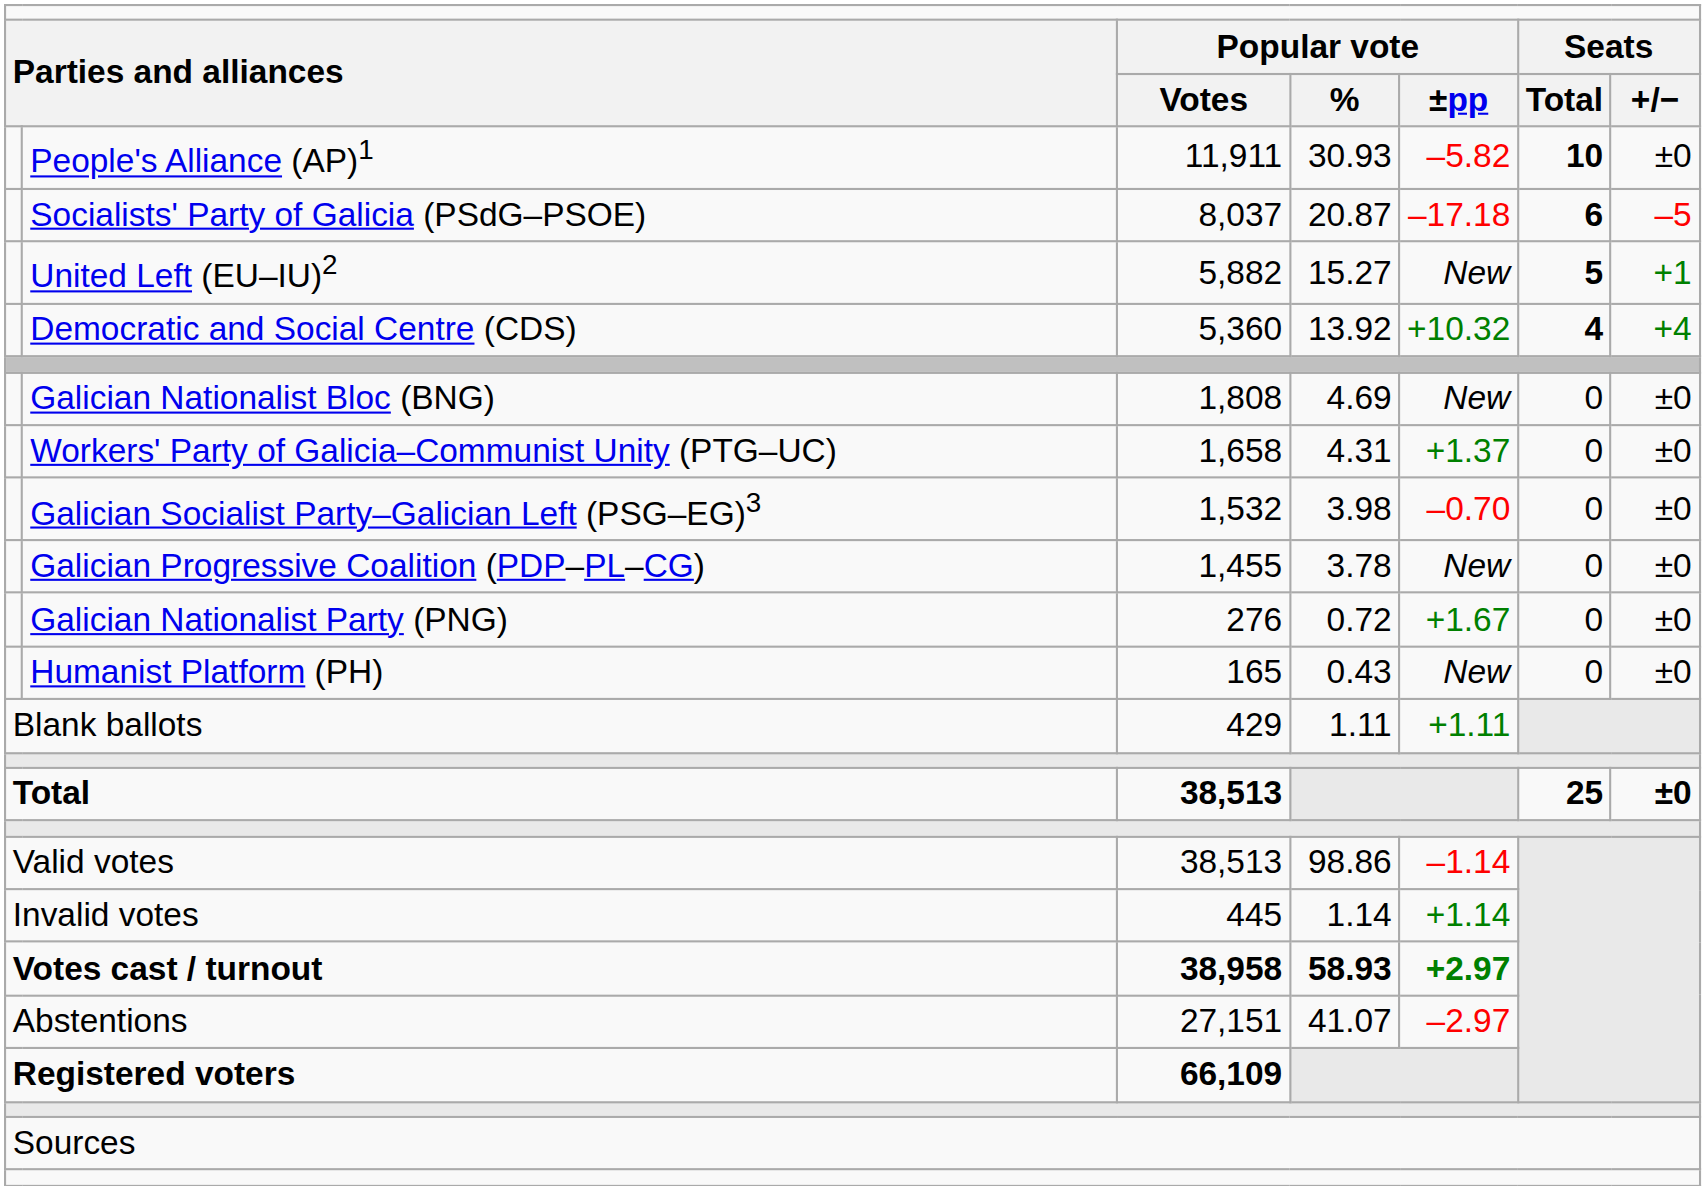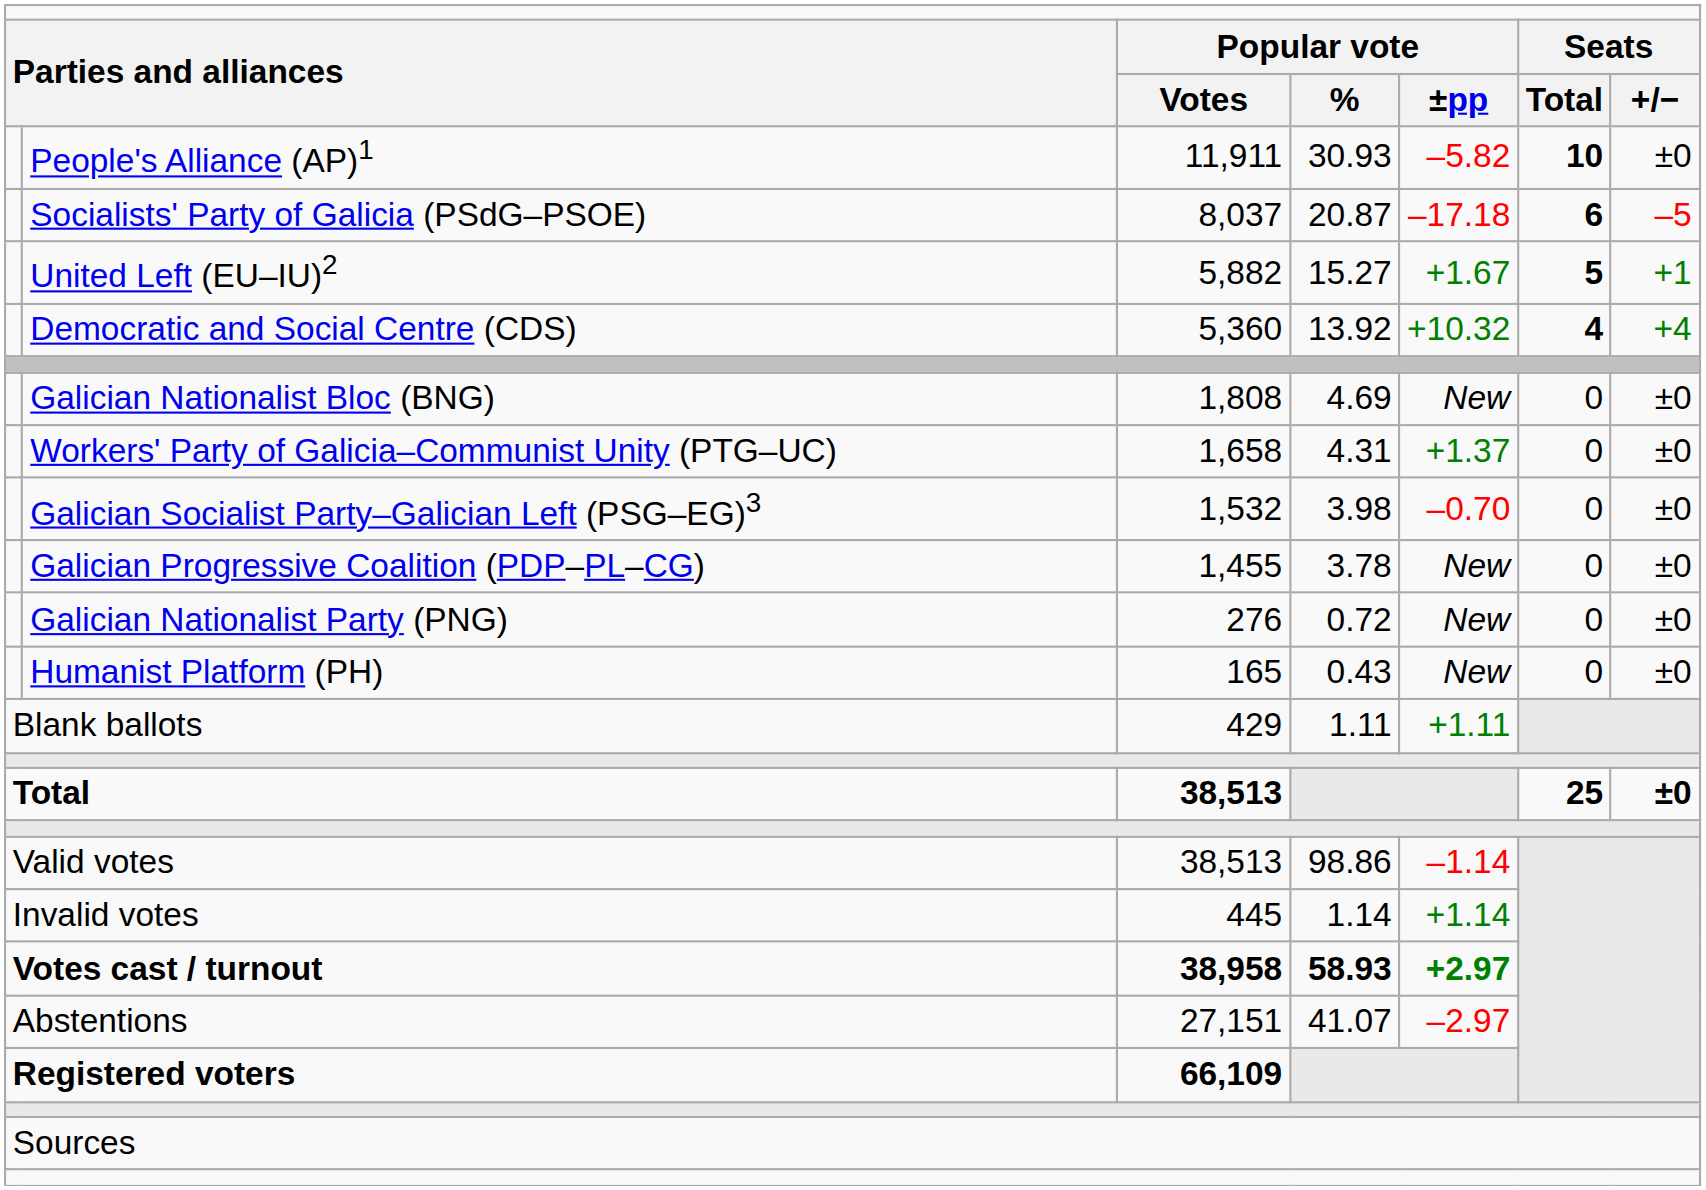 <table class="wikitable" style="text-align:right;">
 <tr>
 <td colspan="7"></td>
 </tr>
 <tr>
 <th style="text-align:left;" rowspan="2" colspan="2" width="525">Parties and alliances</th>
 <th colspan="3">Popular vote</th>
 <th colspan="2">Seats</th>
 </tr>
 <tr>
 <th width="75">Votes</th>
 <th width="45">%</th>
 <th width="45">±<a href='#'>pp</a></th>
 <th width="35">Total</th>
 <th width="35">+/−</th>
 </tr>
 <tr>
 <td width="1" style="color:inherit;background:"></td>
 <td align="left"><a href='#'>People's Alliance</a> (AP)<sup>1</sup></td>
 <td>11,911</td>
 <td>30.93</td>
 <td style="color:red;">–5.82</td>
 <td><strong>10</strong></td>
 <td>±0</td>
 </tr>
 <tr>
 <td style="color:inherit;background:"></td>
 <td align="left"><a href='#'>Socialists' Party of Galicia</a> (PSdG–PSOE)</td>
 <td>8,037</td>
 <td>20.87</td>
 <td style="color:red;">–17.18</td>
 <td><strong>6</strong></td>
 <td style="color:red;">–5</td>
 </tr>
 <tr>
 <td style="color:inherit;background:"></td>
 <td align="left"><a href='#'>United Left</a> (EU–IU)<sup>2</sup></td>
 <td>5,882</td>
 <td>15.27</td>
-<td><em>New</em></td>
+<td style="color:green;">+1.67</td>
 <td><strong>5</strong></td>
 <td style="color:green;">+1</td>
 </tr>
 <tr>
 <td style="color:inherit;background:"></td>
 <td align="left"><a href='#'>Democratic and Social Centre</a> (CDS)</td>
 <td>5,360</td>
 <td>13.92</td>
 <td style="color:green;">+10.32</td>
 <td><strong>4</strong></td>
 <td style="color:green;">+4</td>
 </tr>
 <tr>
 <td colspan="7" style="color:inherit;background:#C0C0C0"></td>
 </tr>
 <tr>
 <td style="color:inherit;background:"></td>
 <td align="left"><a href='#'>Galician Nationalist Bloc</a> (BNG)</td>
 <td>1,808</td>
 <td>4.69</td>
 <td><em>New</em></td>
 <td>0</td>
 <td>±0</td>
 </tr>
 <tr>
 <td style="color:inherit;background:"></td>
 <td align="left"><a href='#'>Workers' Party of Galicia–Communist Unity</a> (PTG–UC)</td>
 <td>1,658</td>
 <td>4.31</td>
 <td style="color:green;">+1.37</td>
 <td>0</td>
 <td>±0</td>
 </tr>
 <tr>
 <td style="color:inherit;background:"></td>
 <td align="left"><a href='#'>Galician Socialist Party–Galician Left</a> (PSG–EG)<sup>3</sup></td>
 <td>1,532</td>
 <td>3.98</td>
 <td style="color:red;">–0.70</td>
 <td>0</td>
 <td>±0</td>
 </tr>
 <tr>
 <td style="color:inherit;background:"></td>
 <td align="left"><a href='#'>Galician Progressive Coalition</a> (<a href='#'>PDP</a>–<a href='#'>PL</a>–<a href='#'>CG</a>)</td>
 <td>1,455</td>
 <td>3.78</td>
 <td><em>New</em></td>
 <td>0</td>
 <td>±0</td>
 </tr>
 <tr>
 <td style="color:inherit;background:"></td>
 <td align="left"><a href='#'>Galician Nationalist Party</a> (PNG)</td>
 <td>276</td>
 <td>0.72</td>
-<td style="color:green;">+1.67</td>
+<td><em>New</em></td>
 <td>0</td>
 <td>±0</td>
 </tr>
 <tr>
 <td style="color:inherit;background:"></td>
 <td align="left"><a href='#'>Humanist Platform</a> (PH)</td>
 <td>165</td>
 <td>0.43</td>
 <td><em>New</em></td>
 <td>0</td>
 <td>±0</td>
 </tr>
 <tr>
 <td align="left" colspan="2">Blank ballots</td>
 <td>429</td>
 <td>1.11</td>
 <td style="color:green;">+1.11</td>
 <td style="color:inherit;background:#E9E9E9" colspan="2"></td>
 </tr>
 <tr>
 <td colspan="7" style="color:inherit;background:#E9E9E9"></td>
 </tr>
 <tr style="font-weight:bold;">
 <td align="left" colspan="2">Total</td>
 <td>38,513</td>
 <td bgcolor="#E9E9E9" colspan="2"></td>
 <td>25</td>
 <td>±0</td>
 </tr>
 <tr>
 <td colspan="7" style="color:inherit;background:#E9E9E9"></td>
 </tr>
 <tr>
 <td align="left" colspan="2">Valid votes</td>
 <td>38,513</td>
 <td>98.86</td>
 <td style="color:red;">–1.14</td>
 <td bgcolor="#E9E9E9" colspan="2" rowspan="5"></td>
 </tr>
 <tr>
 <td align="left" colspan="2">Invalid votes</td>
 <td>445</td>
 <td>1.14</td>
 <td style="color:green;">+1.14</td>
 </tr>
 <tr style="font-weight:bold;">
 <td align="left" colspan="2">Votes cast / turnout</td>
 <td>38,958</td>
 <td>58.93</td>
 <td style="color:green;">+2.97</td>
 </tr>
 <tr>
 <td align="left" colspan="2">Abstentions</td>
 <td>27,151</td>
 <td>41.07</td>
 <td style="color:red;">–2.97</td>
 </tr>
 <tr style="font-weight:bold;">
 <td align="left" colspan="2">Registered voters</td>
 <td>66,109</td>
 <td bgcolor="#E9E9E9" colspan="2"></td>
 </tr>
 <tr>
 <td colspan="7" style="color:inherit;background:#E9E9E9"></td>
 </tr>
 <tr>
 <td align="left" colspan="7">Sources</td>
 </tr>
 <tr>
 <td colspan="7" style="text-align:left; max-width:790px;"></td>
 </tr>
 </table>
